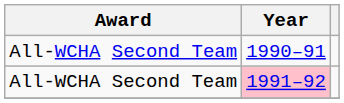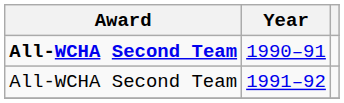 <table class="wikitable">
 <tr>
 <th>Award</th>
 <th>Year</th>
 <th></th>
 </tr>
 <tr>
-<td>All-<a href='#'>WCHA</a> <a href='#'>Second Team</a></td>
+<td><strong>All-<a href='#'>WCHA</a> <a href='#'>Second Team</a></strong></td>
 <td><a href='#'>1990–91</a></td>
 <td></td>
 </tr>
 <tr>
 <td>All-WCHA Second Team</td>
-<td style="background: pink;"><a href='#'>1991–92</a></td>
+<td><a href='#'>1991–92</a></td>
 <td></td>
 </tr>
 <tr>
 </tr>
 </table>
